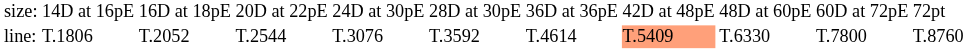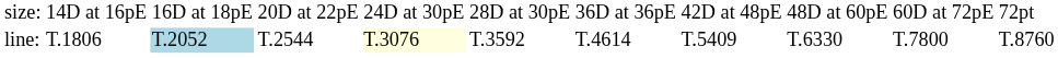 <table style="margin-left:40px;">
 <tr>
 <td>size:</td>
 <td>14D at 16pE</td>
 <td>16D at 18pE</td>
 <td>20D at 22pE</td>
 <td>24D at 30pE</td>
 <td>28D at 30pE</td>
 <td>36D at 36pE</td>
 <td>42D at 48pE</td>
 <td>48D at 60pE</td>
 <td>60D at 72pE</td>
 <td>72pt</td>
 </tr>
 <tr>
 <td>line:</td>
 <td>T.1806</td>
-<td>T.2052</td>
+<td style="background: lightblue;">T.2052</td>
 <td>T.2544</td>
-<td>T.3076</td>
+<td style="background: lightyellow;">T.3076</td>
 <td>T.3592</td>
 <td>T.4614</td>
-<td style="background: lightsalmon;">T.5409</td>
+<td>T.5409</td>
 <td>T.6330</td>
 <td>T.7800</td>
 <td>T.8760</td>
 </tr>
 </table>
